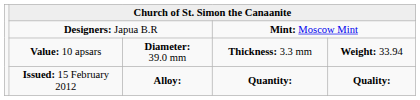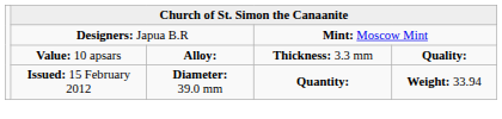 <table class="wikitable" width="100%">
 <tr>
 <td rowspan="4" width="330px" nowrap="" align="center"></td>
 <th colspan="4" align="center" style="background:#eeeeee;">Church of St. Simon the Canaanite</th>
 </tr>
 <tr>
 <td colspan="2" width="50%" align="center"><strong>Designers:</strong> Japua B.R</td>
 <td colspan="2" width="50%" align="center"><strong>Mint:</strong> <a href='#'>Moscow Mint</a></td>
 </tr>
 <tr>
 <td align="center"><strong>Value:</strong> 10 apsars</td>
-<td align="center"><strong>Diameter:</strong> 39.0 mm</td>
+<td align="center"><strong>Alloy:</strong></td>
 <td align="center"><strong>Thickness:</strong> 3.3 mm</td>
-<td align="center"><strong>Weight:</strong> 33.94</td>
+<td align="center"><strong>Quality:</strong></td>
 </tr>
 <tr>
 <td align="center"><strong>Issued:</strong> 15 February 2012</td>
-<td align="center"><strong>Alloy:</strong></td>
+<td align="center"><strong>Diameter:</strong> 39.0 mm</td>
 <td align="center"><strong>Quantity:</strong></td>
-<td align="center"><strong>Quality:</strong></td>
+<td align="center"><strong>Weight:</strong> 33.94</td>
 </tr>
 </table>
